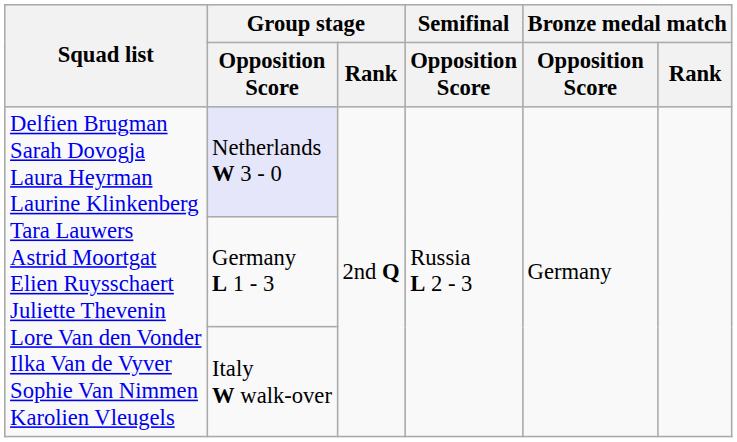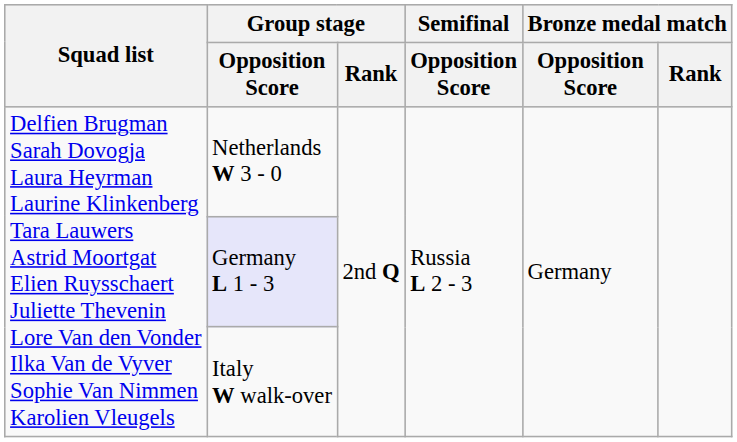 <table class=wikitable style="font-size:90%">
 <tr>
 <th rowspan="2">Squad list</th>
 <th colspan="2">Group stage</th>
 <th>Semifinal</th>
 <th colspan="2">Bronze medal match</th>
 </tr>
 <tr>
 <th>Opposition<br>Score</th>
 <th>Rank</th>
 <th>Opposition<br>Score</th>
 <th>Opposition<br>Score</th>
 <th>Rank</th>
 </tr>
 <tr>
 <td rowspan="3"><a href='#'>Delfien Brugman</a><br><a href='#'>Sarah Dovogja</a><br><a href='#'>Laura Heyrman</a><br><a href='#'>Laurine Klinkenberg</a><br><a href='#'>Tara Lauwers</a><br><a href='#'>Astrid Moortgat</a><br><a href='#'>Elien Ruysschaert</a><br><a href='#'>Juliette Thevenin</a><br><a href='#'>Lore Van den Vonder</a><br><a href='#'>Ilka Van de Vyver</a><br><a href='#'>Sophie Van Nimmen</a><br><a href='#'>Karolien Vleugels</a></td>
-<td style="background: lavender;"> Netherlands<br> <strong>W</strong> 3 - 0</td>
+<td> Netherlands<br> <strong>W</strong> 3 - 0</td>
 <td rowspan="3">2nd <strong>Q</strong></td>
 <td rowspan="3"> Russia<br> <strong>L</strong> 2 - 3</td>
 <td rowspan="3"> Germany</td>
 <td rowspan="3"></td>
 </tr>
 <tr>
-<td> Germany<br> <strong>L</strong> 1 - 3</td>
+<td style="background: lavender;"> Germany<br> <strong>L</strong> 1 - 3</td>
 </tr>
 <tr>
 <td> Italy<br> <strong>W</strong> walk-over</td>
 </tr>
 </table>
